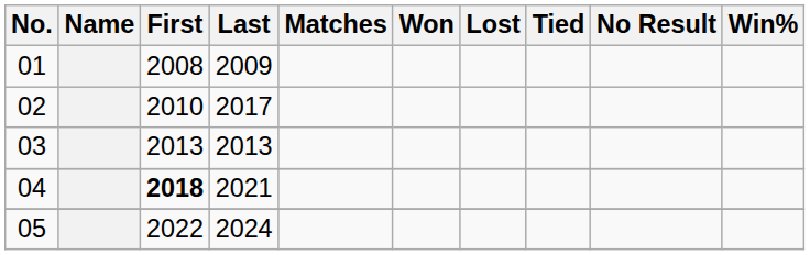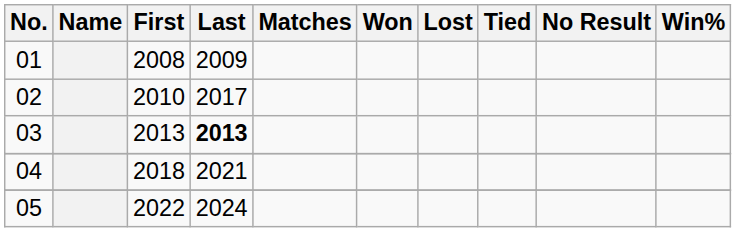 <table class="wikitable plainrowheaders sortable">
 <tr align="center">
 <th scope="col">No.</th>
 <th scope="col">Name</th>
 <th scope="col">First</th>
 <th scope="col">Last</th>
 <th scope="col">Matches</th>
 <th scope="col">Won</th>
 <th scope="col">Lost</th>
 <th scope="col">Tied</th>
 <th scope="col">No Result</th>
 <th scope="col">Win%</th>
 </tr>
 <tr align=center>
 <td><span>0</span>1</td>
 <th scope="row"></th>
 <td>2008</td>
 <td>2009</td>
 <td></td>
 <td></td>
 <td></td>
 <td></td>
 <td></td>
 <td></td>
 </tr>
 <tr align=center>
 <td><span>0</span>2</td>
 <th scope="row"></th>
 <td>2010</td>
 <td>2017</td>
 <td></td>
 <td></td>
 <td></td>
 <td></td>
 <td></td>
 <td></td>
 </tr>
 <tr align=center>
 <td><span>0</span>3</td>
 <th scope="row"></th>
 <td>2013</td>
-<td>2013</td>
+<td><strong>2013</strong></td>
 <td></td>
 <td></td>
 <td></td>
 <td></td>
 <td></td>
 <td></td>
 </tr>
 <tr>
 </tr>
 <tr align=center>
 <td><span>0</span>4</td>
 <th scope="row"></th>
-<td><strong>2018</strong></td>
+<td>2018</td>
 <td>2021</td>
 <td></td>
 <td></td>
 <td></td>
 <td></td>
 <td></td>
 <td></td>
 </tr>
 <tr>
 </tr>
 <tr align=center>
 <td><span>0</span>5</td>
 <th scope="row"></th>
 <td>2022</td>
 <td>2024</td>
 <td></td>
 <td></td>
 <td></td>
 <td></td>
 <td></td>
 <td></td>
 </tr>
 </table>
